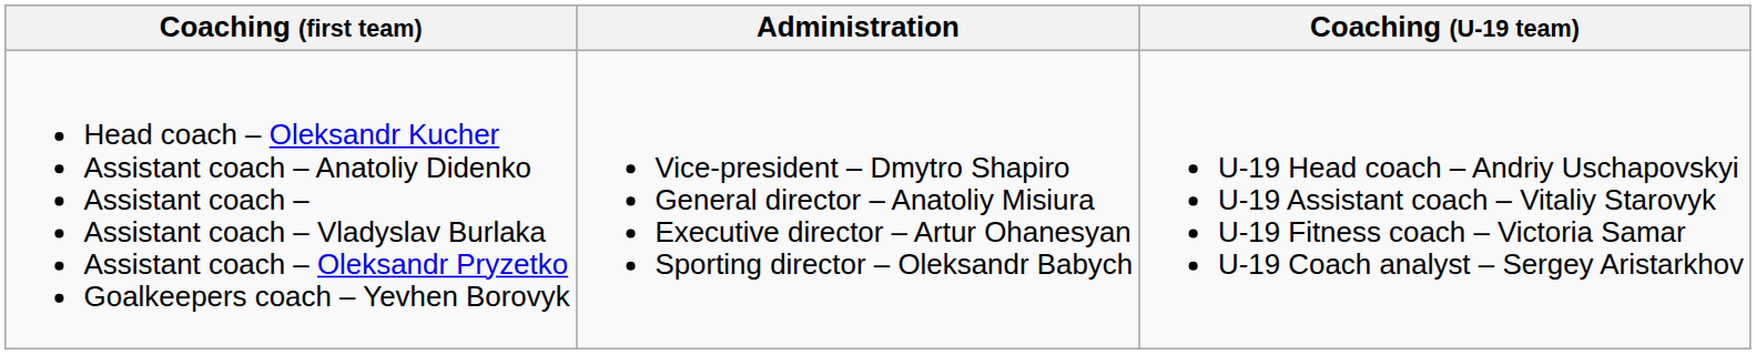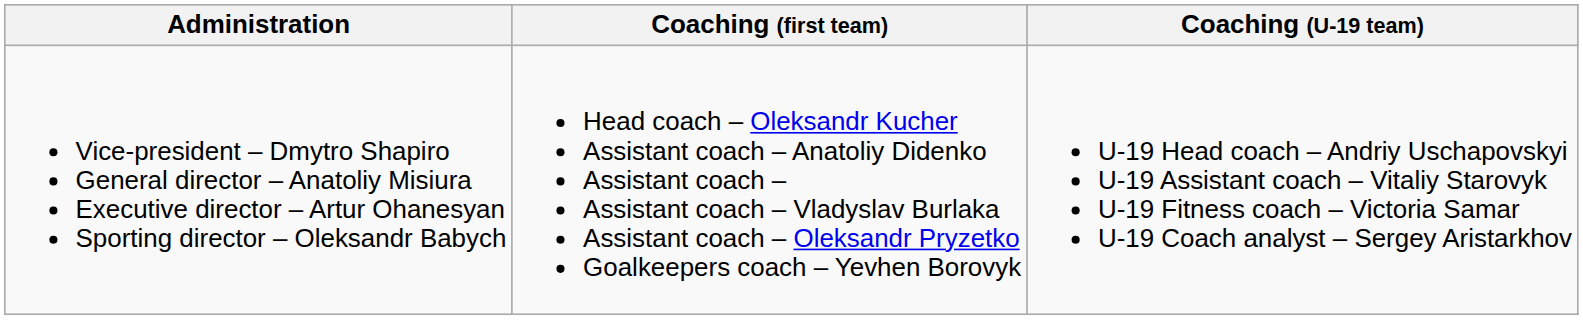 <table class="wikitable">
 <tr>
+<th>Administration</th>
 <th>Coaching <small>(first team)</small></th>
-<th>Administration</th>
 <th>Coaching <small>(U-19 team)</small></th>
 </tr>
 <tr>
+<td><br><ul><li>Vice-president –  Dmytro Shapiro</li><li>General director –  Anatoliy Misiura</li><li>Executive director –  Artur Ohanesyan</li><li>Sporting director –  Oleksandr Babych</li></ul></td>
 <td><br><ul><li>Head coach –  <a href='#'>Oleksandr Kucher</a></li><li>Assistant coach –  Anatoliy Didenko</li><li>Assistant coach –  </li><li>Assistant coach –  Vladyslav Burlaka</li><li>Assistant coach –  <a href='#'>Oleksandr Pryzetko</a></li><li>Goalkeepers coach –  Yevhen Borovyk</li></ul></td>
-<td><br><ul><li>Vice-president –  Dmytro Shapiro</li><li>General director –  Anatoliy Misiura</li><li>Executive director –  Artur Ohanesyan</li><li>Sporting director –  Oleksandr Babych</li></ul></td>
 <td><br><ul><li>U-19 Head coach –  Andriy Uschapovskyi</li><li>U-19 Assistant coach –  Vitaliy Starovyk</li><li>U-19 Fitness coach –  Victoria Samar</li><li>U-19 Coach analyst –  Sergey Aristarkhov</li></ul></td>
 </tr>
 </table>
